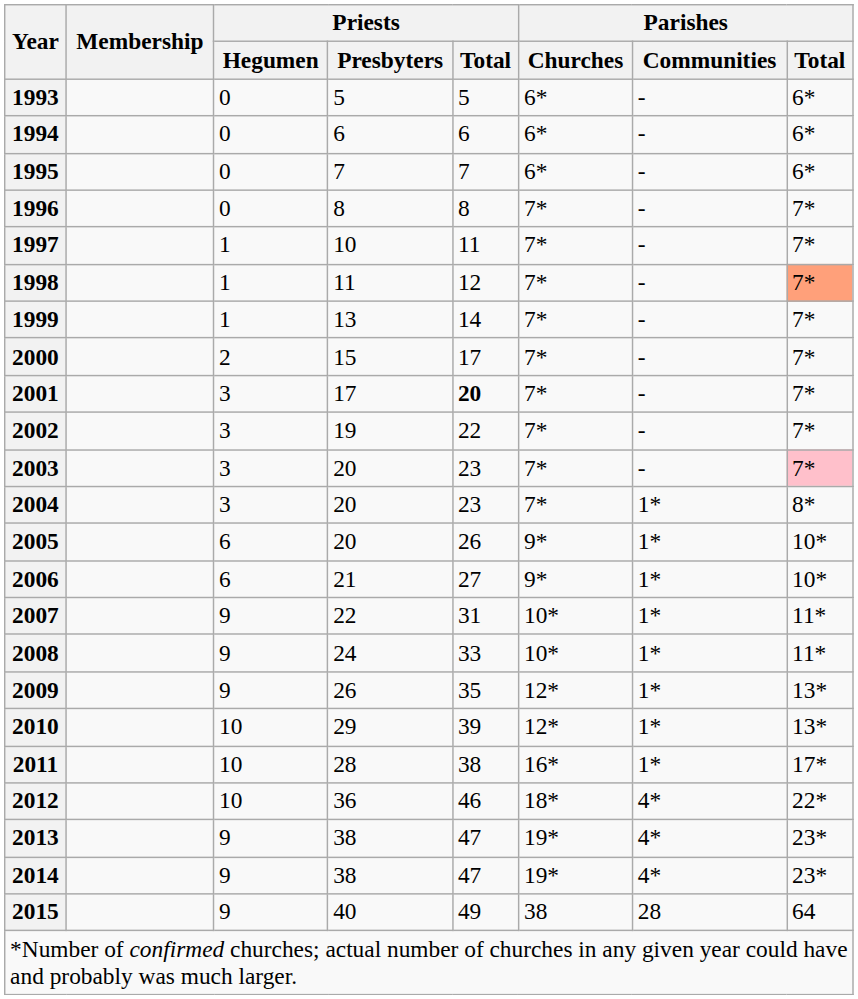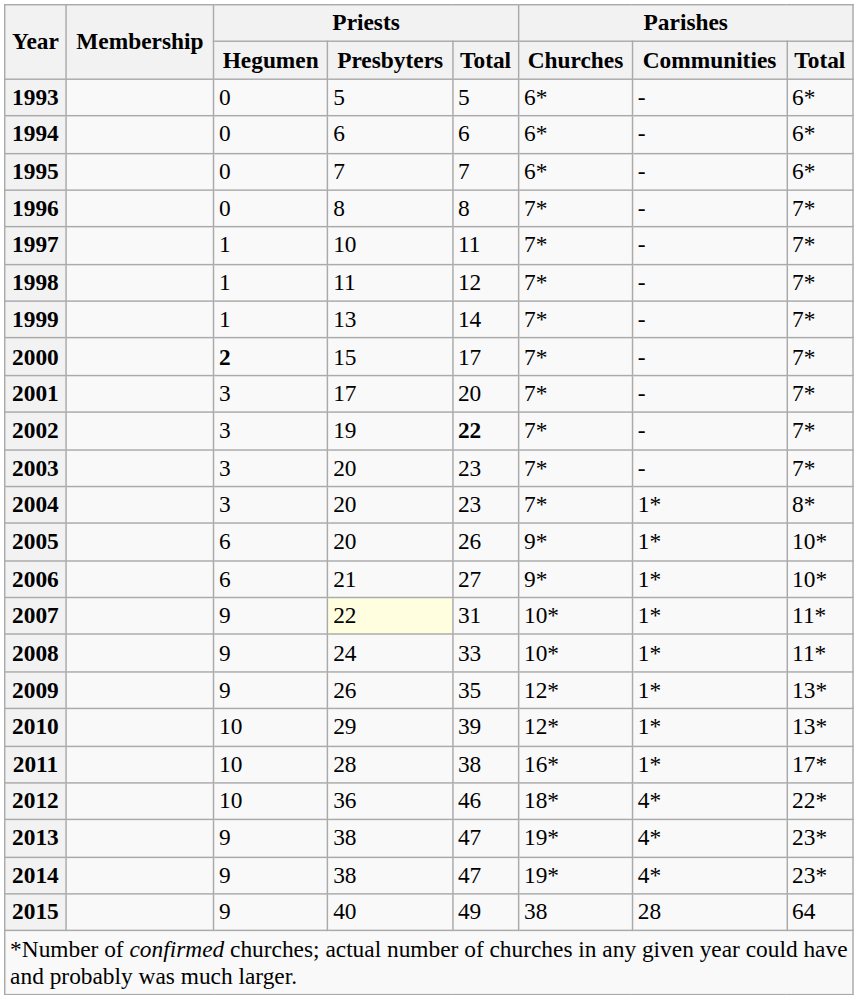 <table class="wikitable">
 <tr>
 <th rowspan="2">Year</th>
 <th rowspan="2">Membership</th>
 <th colspan="3">Priests</th>
 <th colspan="3">Parishes</th>
 </tr>
 <tr>
 <th>Hegumen</th>
 <th>Presbyters</th>
 <th>Total</th>
 <th>Churches</th>
 <th>Communities</th>
 <th>Total</th>
 </tr>
 <tr>
 <th>1993</th>
 <td></td>
 <td>0</td>
 <td>5</td>
 <td>5</td>
 <td>6*</td>
 <td>-</td>
 <td>6*</td>
 </tr>
 <tr>
 <th>1994</th>
 <td></td>
 <td>0</td>
 <td>6</td>
 <td>6</td>
 <td>6*</td>
 <td>-</td>
 <td>6*</td>
 </tr>
 <tr>
 <th>1995</th>
 <td></td>
 <td>0</td>
 <td>7</td>
 <td>7</td>
 <td>6*</td>
 <td>-</td>
 <td>6*</td>
 </tr>
 <tr>
 <th>1996</th>
 <td></td>
 <td>0</td>
 <td>8</td>
 <td>8</td>
 <td>7*</td>
 <td>-</td>
 <td>7*</td>
 </tr>
 <tr>
 <th>1997</th>
 <td></td>
 <td>1</td>
 <td>10</td>
 <td>11</td>
 <td>7*</td>
 <td>-</td>
 <td>7*</td>
 </tr>
 <tr>
 <th>1998</th>
 <td></td>
 <td>1</td>
 <td>11</td>
 <td>12</td>
 <td>7*</td>
 <td>-</td>
-<td style="background: lightsalmon;">7*</td>
+<td>7*</td>
 </tr>
 <tr>
 <th>1999</th>
 <td></td>
 <td>1</td>
 <td>13</td>
 <td>14</td>
 <td>7*</td>
 <td>-</td>
 <td>7*</td>
 </tr>
 <tr>
 <th>2000</th>
 <td></td>
-<td>2</td>
+<td><strong>2</strong></td>
 <td>15</td>
 <td>17</td>
 <td>7*</td>
 <td>-</td>
 <td>7*</td>
 </tr>
 <tr>
 <th>2001</th>
 <td></td>
 <td>3</td>
 <td>17</td>
-<td><strong>20</strong></td>
+<td>20</td>
 <td>7*</td>
 <td>-</td>
 <td>7*</td>
 </tr>
 <tr>
 <th>2002</th>
 <td></td>
 <td>3</td>
 <td>19</td>
-<td>22</td>
+<td><strong>22</strong></td>
 <td>7*</td>
 <td>-</td>
 <td>7*</td>
 </tr>
 <tr>
 <th>2003</th>
 <td></td>
 <td>3</td>
 <td>20</td>
 <td>23</td>
 <td>7*</td>
 <td>-</td>
-<td style="background: pink;">7*</td>
+<td>7*</td>
 </tr>
 <tr>
 <th>2004</th>
 <td></td>
 <td>3</td>
 <td>20</td>
 <td>23</td>
 <td>7*</td>
 <td>1*</td>
 <td>8*</td>
 </tr>
 <tr>
 <th>2005</th>
 <td></td>
 <td>6</td>
 <td>20</td>
 <td>26</td>
 <td>9*</td>
 <td>1*</td>
 <td>10*</td>
 </tr>
 <tr>
 <th>2006</th>
 <td></td>
 <td>6</td>
 <td>21</td>
 <td>27</td>
 <td>9*</td>
 <td>1*</td>
 <td>10*</td>
 </tr>
 <tr>
 <th>2007</th>
 <td></td>
 <td>9</td>
-<td>22</td>
+<td style="background: lightyellow;">22</td>
 <td>31</td>
 <td>10*</td>
 <td>1*</td>
 <td>11*</td>
 </tr>
 <tr>
 <th>2008</th>
 <td></td>
 <td>9</td>
 <td>24</td>
 <td>33</td>
 <td>10*</td>
 <td>1*</td>
 <td>11*</td>
 </tr>
 <tr>
 <th>2009</th>
 <td></td>
 <td>9</td>
 <td>26</td>
 <td>35</td>
 <td>12*</td>
 <td>1*</td>
 <td>13*</td>
 </tr>
 <tr>
 <th>2010</th>
 <td></td>
 <td>10</td>
 <td>29</td>
 <td>39</td>
 <td>12*</td>
 <td>1*</td>
 <td>13*</td>
 </tr>
 <tr>
 <th>2011</th>
 <td></td>
 <td>10</td>
 <td>28</td>
 <td>38</td>
 <td>16*</td>
 <td>1*</td>
 <td>17*</td>
 </tr>
 <tr>
 <th>2012</th>
 <td></td>
 <td>10</td>
 <td>36</td>
 <td>46</td>
 <td>18*</td>
 <td>4*</td>
 <td>22*</td>
 </tr>
 <tr>
 <th>2013</th>
 <td></td>
 <td>9</td>
 <td>38</td>
 <td>47</td>
 <td>19*</td>
 <td>4*</td>
 <td>23*</td>
 </tr>
 <tr>
 <th>2014</th>
 <td></td>
 <td>9</td>
 <td>38</td>
 <td>47</td>
 <td>19*</td>
 <td>4*</td>
 <td>23*</td>
 </tr>
 <tr>
 <th>2015</th>
 <td></td>
 <td>9</td>
 <td>40</td>
 <td>49</td>
 <td>38</td>
 <td>28</td>
 <td>64</td>
 </tr>
 <tr>
 <td colspan="8">*Number of <em>confirmed</em> churches; actual number of churches in any given year could have<br>and probably was much larger.</td>
 </tr>
 </table>
